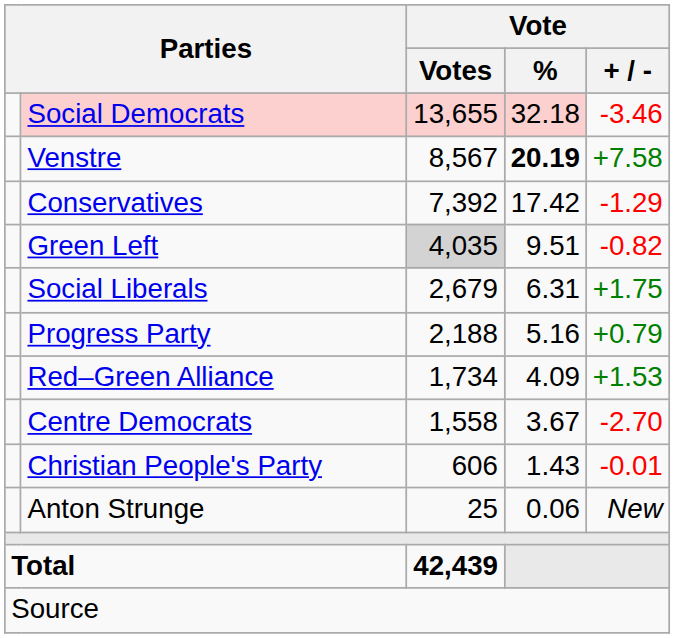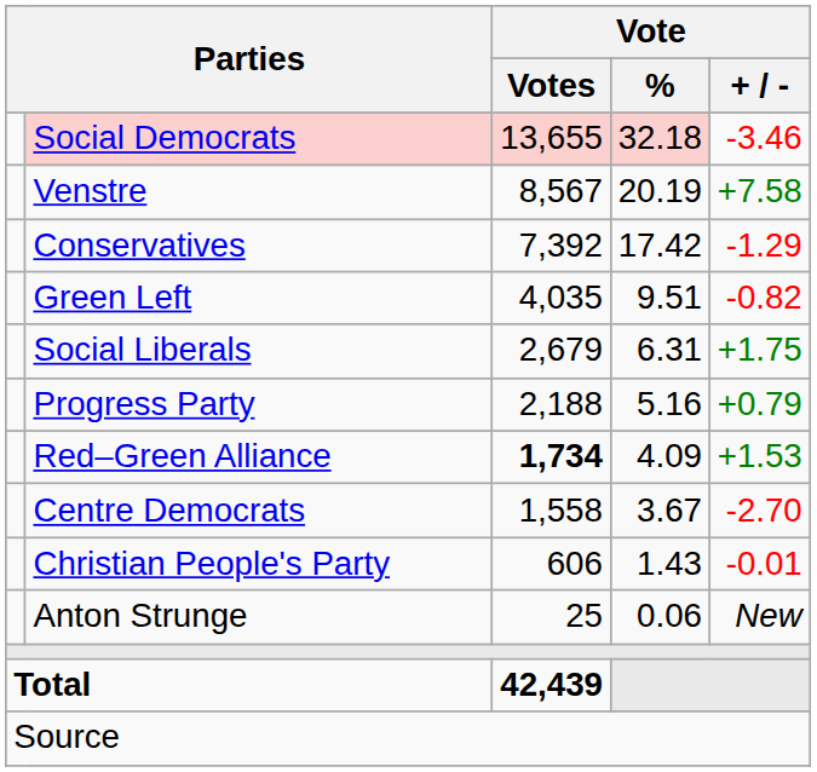 <table class="wikitable" style="text-align:right;">
 <tr>
 <th style="text-align:centre;" rowspan="2" colspan="2" width="225">Parties</th>
 <th colspan="3">Vote</th>
 </tr>
 <tr>
 <th width="15">Votes</th>
 <th width="15">%</th>
 <th width="15">+ / -</th>
 </tr>
 <tr>
 <td width="2" style="color:inherit;background:"></td>
 <td bgcolor=#fbd0ce  align="left"><a href='#'>Social Democrats</a></td>
 <td bgcolor=#fbd0ce>13,655</td>
 <td bgcolor=#fbd0ce>32.18</td>
 <td style=color:red;>-3.46</td>
 </tr>
 <tr>
 <td width="2" style="color:inherit;background:"></td>
 <td align="left"><a href='#'>Venstre</a></td>
 <td>8,567</td>
-<td><strong>20.19</strong></td>
+<td>20.19</td>
 <td style=color:green;>+7.58</td>
 </tr>
 <tr>
 <td width="2" style="color:inherit;background:"></td>
 <td align="left"><a href='#'>Conservatives</a></td>
 <td>7,392</td>
 <td>17.42</td>
 <td style=color:red;>-1.29</td>
 </tr>
 <tr>
 <td width="2" style="color:inherit;background:"></td>
 <td align="left"><a href='#'>Green Left</a></td>
-<td style="background: lightgrey;">4,035</td>
+<td>4,035</td>
 <td>9.51</td>
 <td style=color:red;>-0.82</td>
 </tr>
 <tr>
 <td width="2" style="color:inherit;background:"></td>
 <td align="left"><a href='#'>Social Liberals</a></td>
 <td>2,679</td>
 <td>6.31</td>
 <td style=color:green;>+1.75</td>
 </tr>
 <tr>
 <td width="2" style="color:inherit;background:"></td>
 <td align="left"><a href='#'>Progress Party</a></td>
 <td>2,188</td>
 <td>5.16</td>
 <td style=color:green;>+0.79</td>
 </tr>
 <tr>
 <td width="2" style="color:inherit;background:"></td>
 <td align="left"><a href='#'>Red–Green Alliance</a></td>
-<td>1,734</td>
+<td><strong>1,734</strong></td>
 <td>4.09</td>
 <td style=color:green;>+1.53</td>
 </tr>
 <tr>
 <td width="2" style="color:inherit;background:"></td>
 <td align="left"><a href='#'>Centre Democrats</a></td>
 <td>1,558</td>
 <td>3.67</td>
 <td style=color:red;>-2.70</td>
 </tr>
 <tr>
 <td width="2" style="color:inherit;background:"></td>
 <td align="left"><a href='#'>Christian People's Party</a></td>
 <td>606</td>
 <td>1.43</td>
 <td style=color:red;>-0.01</td>
 </tr>
 <tr>
 <td width="2" style="color:inherit;background:"></td>
 <td align="left">Anton Strunge</td>
 <td>25</td>
 <td>0.06</td>
 <td><em>New</em></td>
 </tr>
 <tr>
 <td colspan="7" bgcolor="#E9E9E9"></td>
 </tr>
 <tr>
 <td align="left" colspan="2"><strong>Total</strong></td>
 <td><strong>42,439</strong></td>
 <td bgcolor="#E9E9E9" colspan="2"></td>
 </tr>
 <tr>
 <td align="left" colspan="6">Source</td>
 </tr>
 </table>
